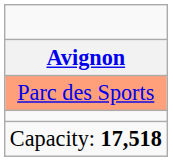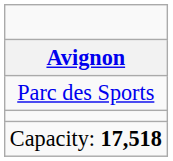 <table class="wikitable" style="text-align:center">
 <tr>
 <td colspan="2"><br></td>
 </tr>
 <tr>
 <th><a href='#'>Avignon</a></th>
 </tr>
 <tr>
-<td style="background: lightsalmon;"><a href='#'>Parc des Sports</a></td>
+<td><a href='#'>Parc des Sports</a></td>
 </tr>
 <tr>
 <td></td>
 </tr>
 <tr>
 <td>Capacity: <strong>17,518</strong></td>
 </tr>
 </table>
